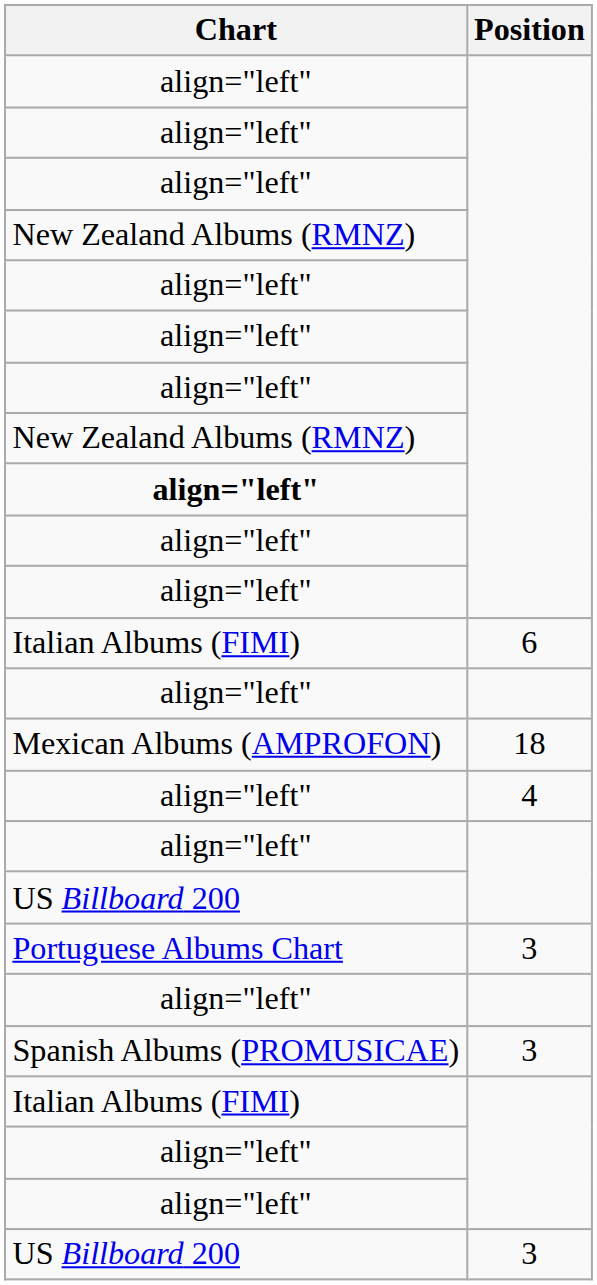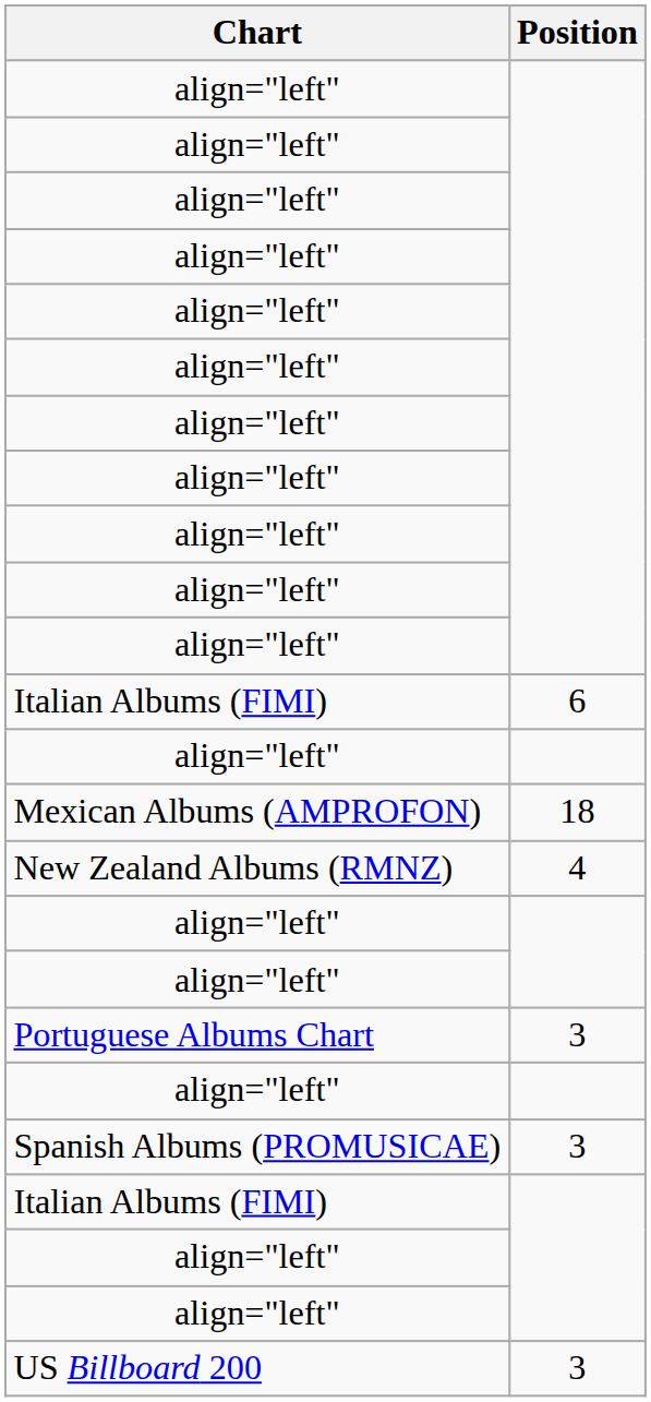 <table class="wikitable sortable" style="text-align:center;">
 <tr>
 <th>Chart</th>
 <th>Position</th>
 </tr>
 <tr>
 <td>align="left" </td>
 </tr>
 <tr>
 <td>align="left" </td>
 </tr>
 <tr>
 <td>align="left" </td>
 </tr>
 <tr>
-<td align="left">New Zealand Albums (<a href='#'>RMNZ</a>)</td>
+<td>align="left" </td>
 </tr>
 <tr>
 <td>align="left" </td>
 </tr>
 <tr>
 <td>align="left" </td>
 </tr>
 <tr>
 <td>align="left" </td>
 </tr>
 <tr>
-<td align="left">New Zealand Albums (<a href='#'>RMNZ</a>)</td>
+<td>align="left" </td>
 </tr>
 <tr>
-<td><strong>align="left" </strong></td>
+<td>align="left" </td>
 </tr>
 <tr>
 <td>align="left" </td>
 </tr>
 <tr>
 <td>align="left" </td>
 </tr>
 <tr>
 <td align="left">Italian Albums (<a href='#'>FIMI</a>)</td>
 <td>6</td>
 </tr>
 <tr>
 <td>align="left" </td>
 </tr>
 <tr>
 <td align="left">Mexican Albums (<a href='#'>AMPROFON</a>)</td>
 <td>18</td>
 </tr>
 <tr>
-<td>align="left" </td>
+<td align="left">New Zealand Albums (<a href='#'>RMNZ</a>)</td>
 <td>4</td>
 </tr>
 <tr>
 <td>align="left" </td>
 </tr>
 <tr>
-<td align="left">US <a href='#'><em>Billboard</em> 200</a></td>
+<td>align="left" </td>
 </tr>
 <tr>
 <td align="left"><a href='#'>Portuguese Albums Chart</a></td>
 <td>3</td>
 </tr>
 <tr>
 <td>align="left" </td>
 </tr>
 <tr>
 <td align="left">Spanish Albums (<a href='#'>PROMUSICAE</a>)</td>
 <td>3</td>
 </tr>
 <tr>
 <td align="left">Italian Albums (<a href='#'>FIMI</a>)</td>
 </tr>
 <tr>
 <td>align="left" </td>
 </tr>
 <tr>
 <td>align="left" </td>
 </tr>
 <tr>
 <td align="left">US <a href='#'><em>Billboard</em> 200</a></td>
 <td>3</td>
 </tr>
 </table>
